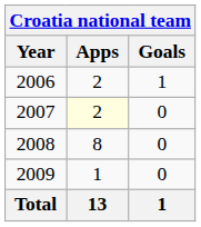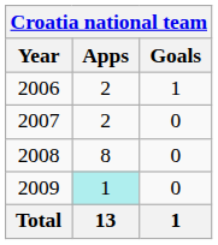 <table class="wikitable" style="text-align:center">
 <tr>
 <th colspan=3><a href='#'>Croatia national team</a></th>
 </tr>
 <tr>
 <th>Year</th>
 <th>Apps</th>
 <th>Goals</th>
 </tr>
 <tr>
 <td>2006</td>
 <td>2</td>
 <td>1</td>
 </tr>
 <tr>
 <td>2007</td>
-<td style="background: lightyellow;">2</td>
+<td>2</td>
 <td>0</td>
 </tr>
 <tr>
 <td>2008</td>
 <td>8</td>
 <td>0</td>
 </tr>
 <tr>
 <td>2009</td>
-<td>1</td>
+<td style="background: paleturquoise;">1</td>
 <td>0</td>
 </tr>
 <tr>
 <th>Total</th>
 <th>13</th>
 <th>1</th>
 </tr>
 </table>
